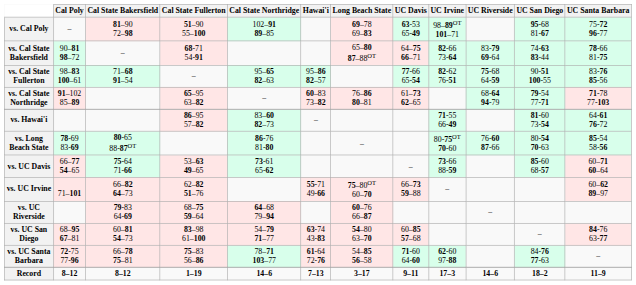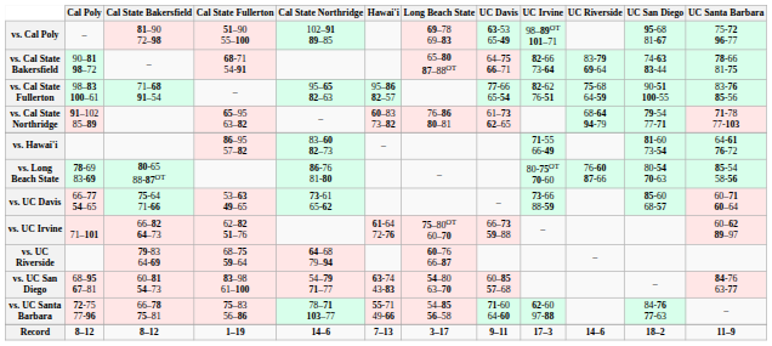 <table class="wikitable" style="font-size:80%;">
 <tr>
 <th colspan=1 style="background:white; border-top-style:hidden; border-left-style:hidden;"   width=75> </th>
 <th>Cal Poly</th>
 <th>Cal State Bakersfield</th>
 <th>Cal State Fullerton</th>
 <th>Cal State Northridge</th>
 <th>Hawai'i</th>
 <th>Long Beach State</th>
 <th>UC Davis</th>
 <th>UC Irvine</th>
 <th>UC Riverside</th>
 <th>UC San Diego</th>
 <th>UC Santa Barbara</th>
 </tr>
 <tr style="text-align:center;">
 <th>vs. Cal Poly</th>
 <td>–</td>
 <td style="background:#FFE6E6;"><strong>81</strong>–90<br>72–<strong>98</strong></td>
 <td style="background:#FFE6E6;"><strong>51</strong>–90 <br>55–<strong>100</strong></td>
 <td style="background:#D8FFEB;">102–<strong>91</strong> <br><strong>89</strong>–85</td>
 <td></td>
 <td style="background:#FFE6E6;"><strong>69</strong>–78<br>69–<strong>83</strong></td>
 <td style="background:#D8FFEB;"><strong>63</strong>-53 <br>65-<strong>49</strong></td>
 <td style="background:#D8FFEB;">98–<strong>89</strong><sup>OT</sup><br><strong>101</strong>–71</td>
 <td></td>
 <td style="background:#D8FFEB;"><strong>95</strong>-68 <br>81-<strong>67</strong></td>
 <td style="background:#D8FFEB;">75-<strong>72</strong><br><strong>96</strong>-77</td>
 </tr>
 <tr style="text-align:center;">
 <th>vs. Cal State Bakersfield</th>
 <td style="background:#D8FFEB;">90–<strong>81</strong><br><strong>98</strong>–72</td>
 <td>–</td>
 <td style="background:#FFE6E6;"><strong>68</strong>-71 <br>54-<strong>91</strong></td>
 <td></td>
 <td></td>
 <td style="background:#FFE6E6;">65–<strong>80</strong> <br><strong>87</strong>–88<sup>OT</sup></td>
 <td style="background:#FFE6E6;">64–<strong>75</strong><br><strong>66</strong>–71</td>
 <td style="background:#D8FFEB;"><strong>82</strong>-66 <br>73-<strong>64</strong></td>
 <td style="background:#D8FFEB;">83-<strong>79</strong><br><strong>69</strong>-64</td>
 <td style="background:#D8FFEB;">74-<strong>63</strong><br><strong>83</strong>-44</td>
 <td style="background:#D8FFEB;"><strong>78</strong>-66 <br>81-<strong>75</strong></td>
 </tr>
 <tr style="text-align:center;">
 <th>vs. Cal State Fullerton</th>
 <td style="background:#D8FFEB;">98–<strong>83</strong><br><strong>100</strong>–61</td>
 <td style="background:#D8FFEB;">71–<strong>68</strong><br><strong>91</strong>–54</td>
 <td>–</td>
 <td style="background:#D8FFEB;">95–<strong>65</strong><br><strong>82</strong>–63</td>
 <td style="background:#D8FFEB;">95–<strong>86</strong><br><strong>82</strong>–57</td>
 <td></td>
 <td style="background:#D8FFEB;"><strong>77</strong>-66 <br>65-<strong>54</strong></td>
 <td style="background:#D8FFEB;"><strong>82</strong>-62 <br>76-<strong>51</strong></td>
 <td style="background:#D8FFEB;"><strong>75</strong>-68 <br>64-<strong>59</strong></td>
 <td style="background:#D8FFEB;">90-<strong>51</strong><br><strong>100</strong>-55</td>
 <td style="background:#D8FFEB;">83-<strong>76</strong><br><strong>85</strong>-56</td>
 </tr>
 <tr style="text-align:center;">
 <th>vs. Cal State Northridge</th>
 <td style="background:#FFE6E6;"><strong>91</strong>–102 <br>85–<strong>89</strong></td>
 <td></td>
 <td style="background:#FFE6E6;"><strong>65</strong>–95 <br>63–<strong>82</strong></td>
 <td>–</td>
 <td style="background:#FFE6E6;"><strong>60</strong>–83 <br>73–<strong>82</strong></td>
 <td style="background:#FFE6E6;">76–<strong>86</strong> <br><strong>80</strong>–81</td>
 <td style="background:#FFE6E6;">61–<strong>73</strong><br><strong>62</strong>–65</td>
 <td></td>
 <td style="background:#D8FFEB;">68-<strong>64</strong><br><strong>94</strong>-79</td>
 <td style="background:#D8FFEB;"><strong>79</strong>-54 <br>77-<strong>71</strong></td>
 <td style="background:#FFE6E6;"><strong>71</strong>-78 <br>77-<strong>103</strong></td>
 </tr>
 <tr style="text-align:center;">
 </tr>
 <tr style="text-align:center;">
 <th>vs. Hawai'i</th>
 <td></td>
 <td></td>
 <td style="background:#FFE6E6;"><strong>86</strong>–95 <br>57–<strong>82</strong></td>
 <td style="background:#D8FFEB;">83–<strong>60</strong><br><strong>82</strong>–73</td>
 <td>–</td>
 <td></td>
 <td></td>
 <td style="background:#D8FFEB;"><strong>71</strong>-55 <br>66-<strong>49</strong></td>
 <td></td>
 <td style="background:#D8FFEB;"><strong>81</strong>-60 <br>73-<strong>54</strong></td>
 <td style="background:#D8FFEB;">64-<strong>61</strong><br><strong>76</strong>-72</td>
 </tr>
 <tr style="text-align:center;">
 <th>vs. Long Beach State</th>
 <td style="background:#D8FFEB;"><strong>78</strong>-69 <br>83-<strong>69</strong></td>
 <td style="background:#D8FFEB;"><strong>80</strong>-65 <br>88-<strong>87</strong><sup>OT</sup></td>
 <td></td>
 <td style="background:#D8FFEB;"><strong>86</strong>-76 <br>81-<strong>80</strong></td>
 <td></td>
 <td>–</td>
 <td></td>
 <td style="background:#D8FFEB;">80-<strong>75</strong><sup>OT</sup> <br><strong>70</strong>-60</td>
 <td style="background:#D8FFEB;">76-<strong>60</strong><br><strong>87</strong>-66</td>
 <td style="background:#D8FFEB;">80-<strong>54</strong><br><strong>70</strong>-63</td>
 <td style="background:#D8FFEB;"><strong>85</strong>-54 <br>58-<strong>56</strong></td>
 </tr>
 <tr style="text-align:center;">
 <th>vs. UC Davis</th>
 <td style="background:#FFE6E6;">66–<strong>77</strong> <br><strong>54</strong>–65</td>
 <td style="background:#D8FFEB;"><strong>75</strong>-64 <br>71-<strong>66</strong></td>
 <td style="background:#FFE6E6;">53–<strong>63</strong> <br><strong>49</strong>–65</td>
 <td style="background:#D8FFEB;"><strong>73</strong>-61 <br>65-<strong>62</strong></td>
 <td></td>
 <td></td>
 <td>–</td>
 <td style="background:#D8FFEB;"><strong>73</strong>-66 <br>88-<strong>59</strong></td>
 <td></td>
 <td style="background:#D8FFEB;"><strong>85</strong>-60 <br>68-<strong>57</strong></td>
 <td style="background:#FFE6E6;">60–<strong>71</strong><br><strong>60</strong>–64</td>
 </tr>
 <tr style="text-align:center;">
 <th>vs. UC Irvine</th>
 <td style="background:#FFE6E6;"><br>71–<strong>101</strong></td>
 <td style="background:#FFE6E6;">66–<strong>82</strong> <br><strong>64</strong>–73</td>
 <td style="background:#FFE6E6;">62–<strong>82</strong> <br><strong>51</strong>–76</td>
 <td></td>
-<td style="background:#FFE6E6;"><strong>55</strong>-71 <br>49-<strong>66</strong></td>
+<td style="background:#FFE6E6;"><strong>61</strong>-64 <br>72-<strong>76</strong></td>
 <td style="background:#FFE6E6;"><strong>75</strong>–80<sup>OT</sup><br>60–<strong>70</strong></td>
 <td style="background:#FFE6E6;">66–<strong>73</strong> <br><strong>59</strong>–88</td>
 <td>–</td>
 <td></td>
 <td></td>
 <td style="background:#FFE6E6;">60–<strong>62</strong><br><strong>89</strong>–97</td>
 </tr>
 <tr style="text-align:center;">
 <th>vs. UC Riverside</th>
 <td></td>
 <td style="background:#FFE6E6;"><strong>79</strong>-83 <br>64-<strong>69</strong></td>
 <td style="background:#FFE6E6;">68–<strong>75</strong> <br><strong>59</strong>–64</td>
 <td style="background:#FFE6E6;"><strong>64</strong>–68 <br>79–<strong>94</strong></td>
 <td></td>
 <td style="background:#FFE6E6;"><strong>60</strong>–76<br>66–<strong>87</strong></td>
 <td></td>
 <td></td>
 <td>–</td>
 <td></td>
 <td></td>
 </tr>
 <tr style="text-align:center;">
 <th>vs. UC San Diego</th>
 <td style="background:#FFE6E6;">68–<strong>95</strong> <br><strong>67</strong>–81</td>
 <td style="background:#FFE6E6;">60–<strong>81</strong> <br><strong>54</strong>–73</td>
 <td style="background:#FFE6E6;"><strong>83</strong>–98<br>61–<strong>100</strong></td>
 <td style="background:#FFE6E6;">54–<strong>79</strong> <br><strong>71</strong>–77</td>
 <td style="background:#FFE6E6;"><strong>63</strong>-74 <br>43-<strong>83</strong></td>
 <td style="background:#FFE6E6;"><strong>54</strong>–80<br>63–<strong>70</strong></td>
 <td style="background:#FFE6E6;">60–<strong>85</strong> <br><strong>57</strong>–68</td>
 <td></td>
 <td></td>
 <td>–</td>
 <td style="background:#FFE6E6;"><strong>84</strong>-76 <br>63-<strong>77</strong></td>
 </tr>
 <tr style="text-align:center;">
 <th>vs. UC Santa Barbara</th>
 <td style="background:#FFE6E6;"><strong>72</strong>-75 <br>77-<strong>96</strong></td>
 <td style="background:#FFE6E6;">66–<strong>78</strong> <br><strong>75</strong>–81</td>
 <td style="background:#FFE6E6;"><strong>75</strong>–83 <br>56–<strong>86</strong></td>
 <td style="background:#D8FFEB;">78–<strong>71</strong><br><strong>103</strong>–77</td>
-<td style="background:#FFE6E6;"><strong>61</strong>-64 <br>72-<strong>76</strong></td>
+<td style="background:#FFE6E6;"><strong>55</strong>-71 <br>49-<strong>66</strong></td>
 <td style="background:#FFE6E6;">54–<strong>85</strong> <br><strong>56</strong>–58</td>
 <td style="background:#D8FFEB;"><strong>71</strong>-60 <br>64-<strong>60</strong></td>
 <td style="background:#D8FFEB;"><strong>62</strong>-60 <br>97-<strong>88</strong></td>
 <td></td>
 <td style="background:#D8FFEB;">84-<strong>76</strong><br><strong>77</strong>-63</td>
 <td>–</td>
 </tr>
 <tr>
 </tr>
 <tr style="text-align:center;">
 <th>Record</th>
 <td><strong>8–12</strong></td>
 <td><strong>8–12</strong></td>
 <td><strong>1–19</strong></td>
 <td><strong>14–6</strong></td>
 <td><strong>7–13</strong></td>
 <td><strong>3–17</strong></td>
 <td><strong>9–11</strong></td>
 <td><strong>17–3</strong></td>
 <td><strong>14–6</strong></td>
 <td><strong>18–2</strong></td>
 <td><strong>11–9</strong></td>
 </tr>
 </table>
